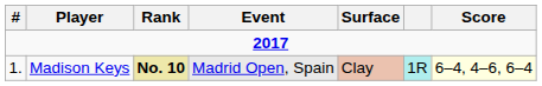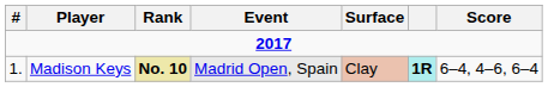 <table class="sortable wikitable">
 <tr>
 <th>#</th>
 <th>Player</th>
 <th>Rank</th>
 <th>Event</th>
 <th>Surface</th>
 <th></th>
 <th>Score</th>
 </tr>
 <tr>
 <td colspan=7 style=text-align:center><strong><a href='#'>2017</a></strong></td>
 </tr>
 <tr>
 <td>1.</td>
 <td> <a href='#'>Madison Keys</a></td>
 <td bgcolor=eee8aa><strong>No. 10</strong></td>
 <td bgcolor=e9e9e9><a href='#'>Madrid Open</a>, Spain</td>
 <td bgcolor=EBC2AF>Clay</td>
-<td bgcolor=afeeee>1R</td>
-<td style="background: lightyellow;">6–4, 4–6, 6–4</td>
+<td bgcolor=afeeee><strong>1R</strong></td>
+<td>6–4, 4–6, 6–4</td>
 </tr>
 </table>
